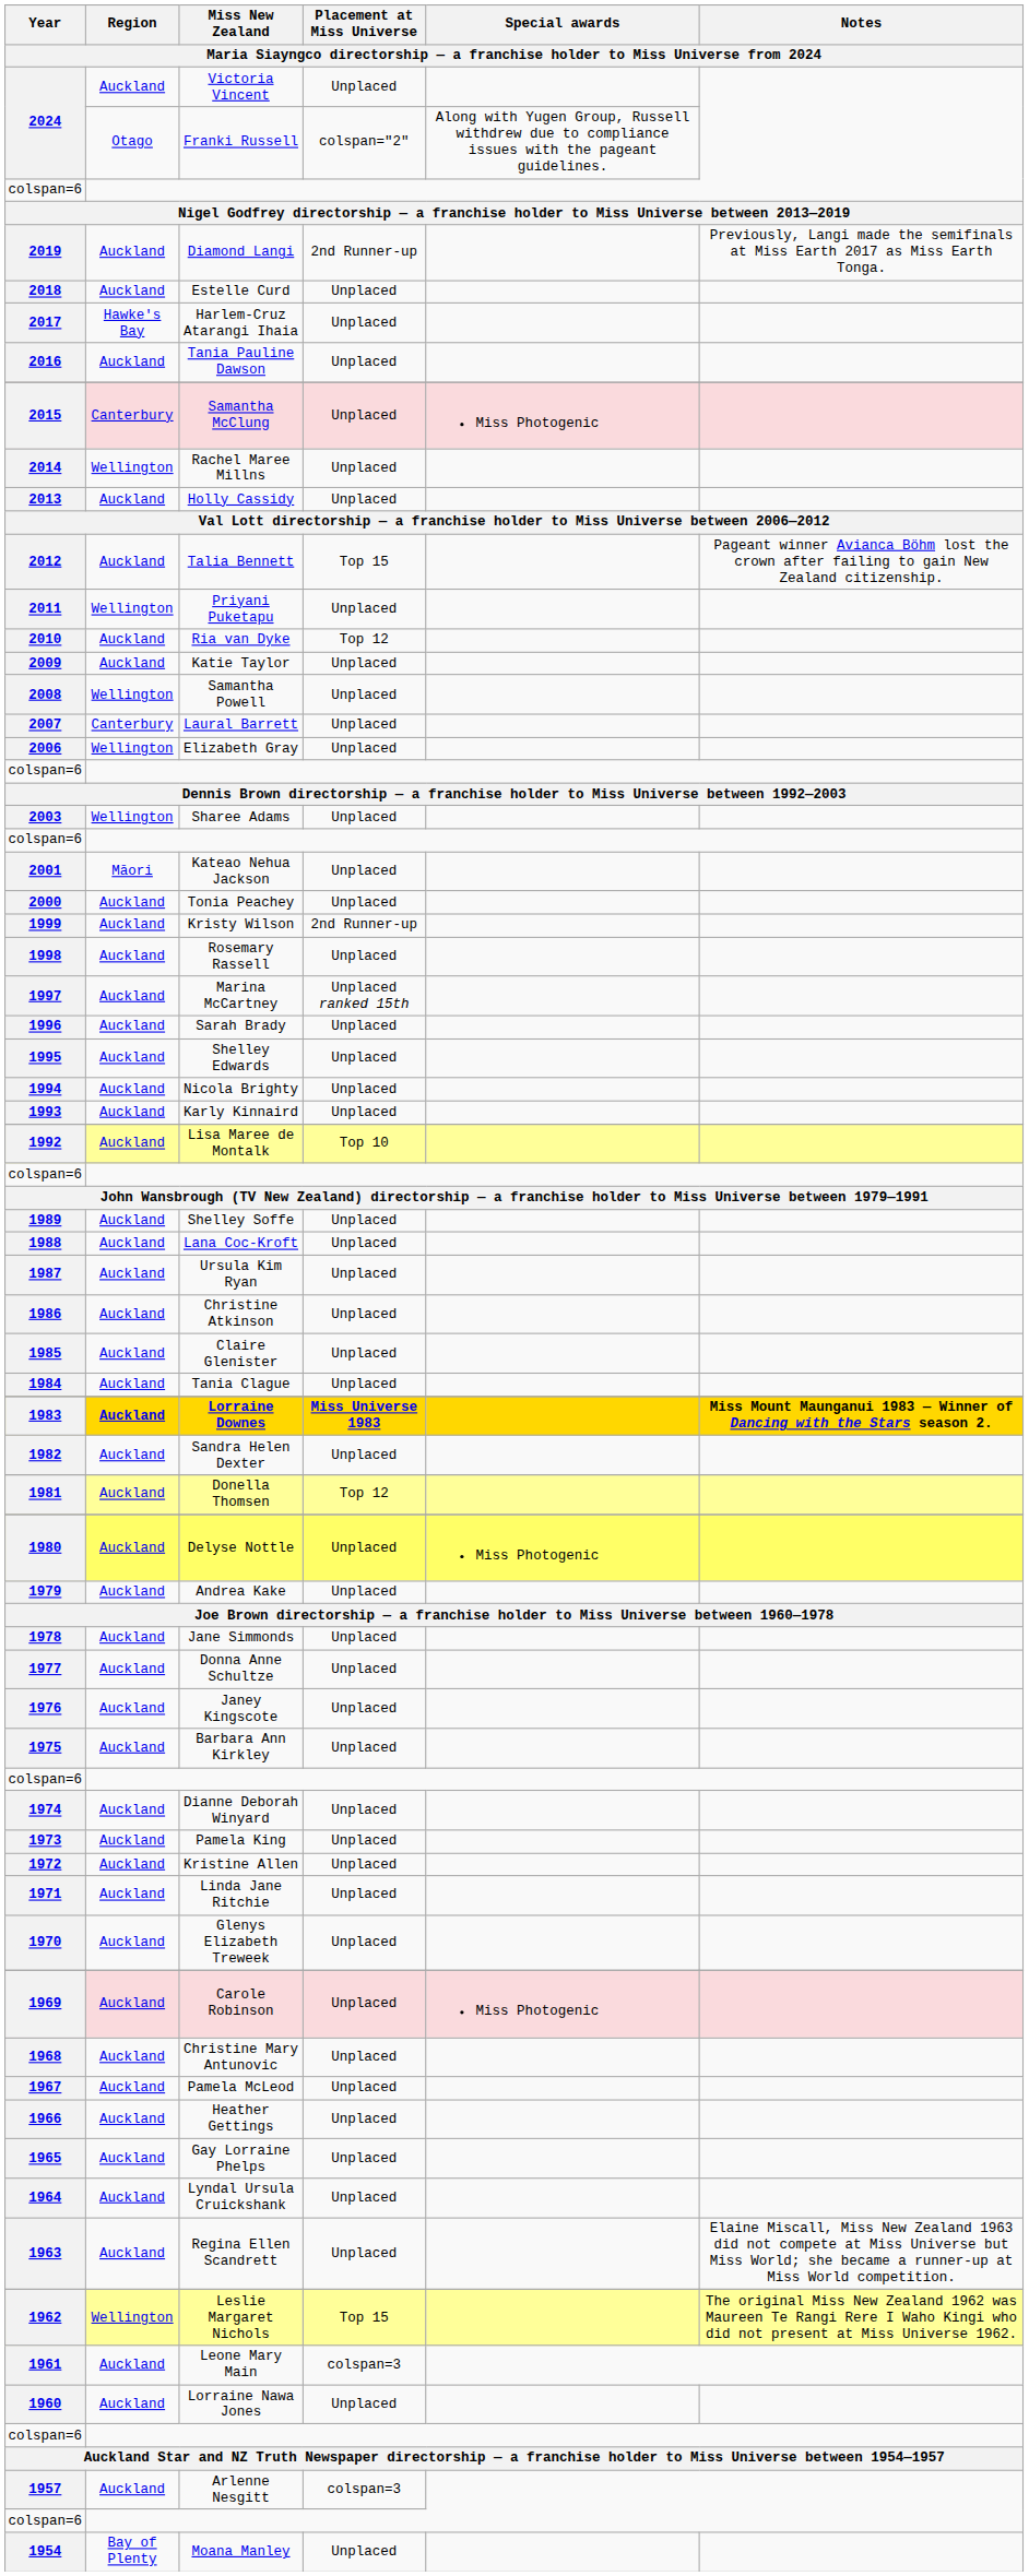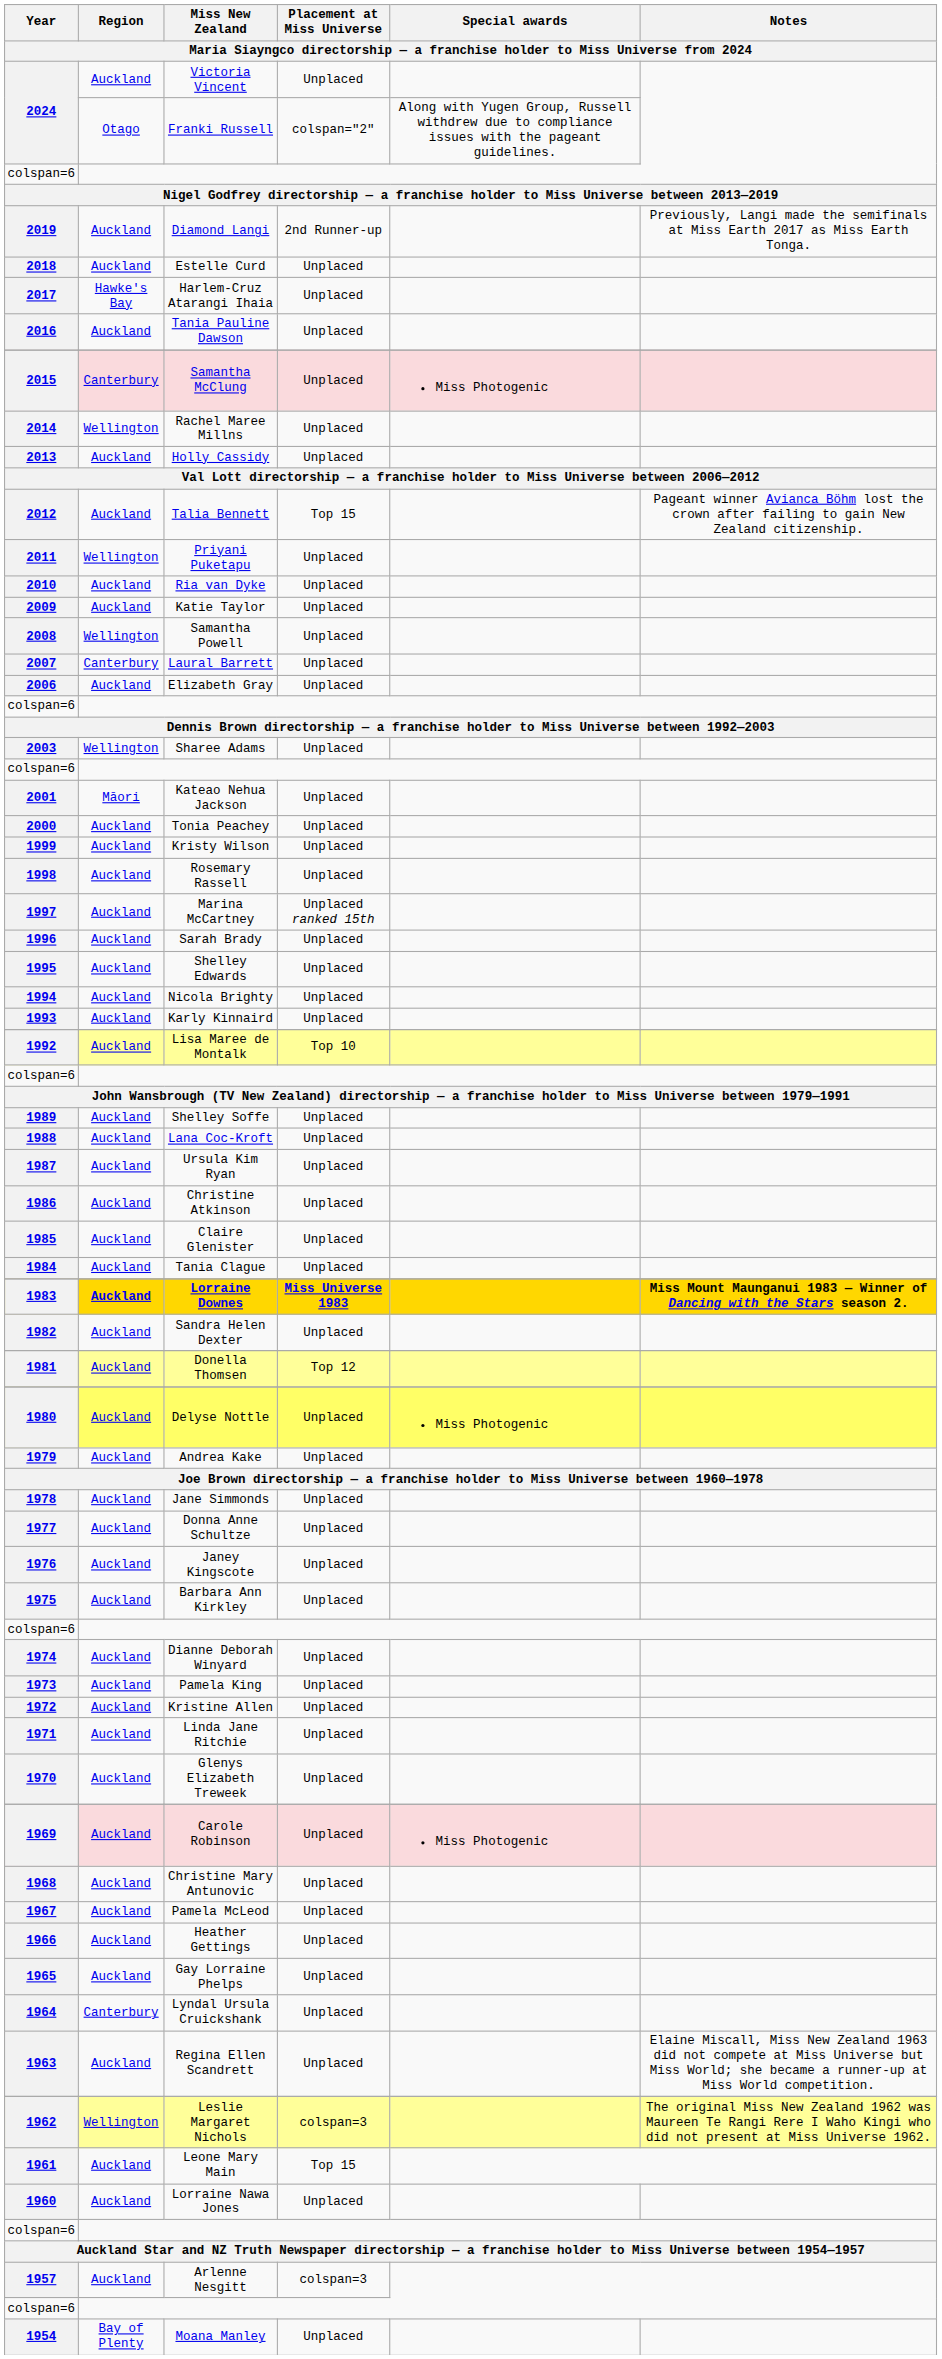 <table class="wikitable " style="font-size: 90%; text-align:center;">
 <tr>
 <th>Year</th>
 <th>Region</th>
 <th>Miss New Zealand</th>
 <th>Placement at Miss Universe</th>
 <th>Special awards</th>
 <th>Notes</th>
 </tr>
 <tr>
 <th colspan="6">Maria Siayngco directorship — a franchise holder to Miss Universe from 2024</th>
 </tr>
 <tr>
 <th rowspan=2><a href='#'>2024</a></th>
 <td><a href='#'>Auckland</a></td>
 <td><a href='#'>Victoria Vincent</a></td>
 <td>Unplaced</td>
 <td></td>
 </tr>
 <tr>
 <td><a href='#'>Otago</a></td>
 <td><a href='#'>Franki Russell</a></td>
 <td>colspan="2" </td>
 <td>Along with Yugen Group, Russell withdrew due to compliance issues with the pageant guidelines.</td>
 </tr>
 <tr>
 <td>colspan=6 </td>
 </tr>
 <tr>
 <th colspan="6">Nigel Godfrey directorship — a franchise holder to Miss Universe between 2013―2019</th>
 </tr>
 <tr>
 <th><a href='#'>2019</a></th>
 <td><a href='#'>Auckland</a></td>
 <td><a href='#'>Diamond Langi</a></td>
 <td>2nd Runner-up</td>
 <td></td>
 <td>Previously, Langi made the semifinals at Miss Earth 2017 as Miss Earth Tonga.</td>
 </tr>
 <tr>
 <th><a href='#'>2018</a></th>
 <td><a href='#'>Auckland</a></td>
 <td>Estelle Curd</td>
 <td>Unplaced</td>
 <td></td>
 <td></td>
 </tr>
 <tr>
 <th><a href='#'>2017</a></th>
 <td><a href='#'>Hawke's Bay</a></td>
 <td>Harlem-Cruz Atarangi Ihaia</td>
 <td>Unplaced</td>
 <td></td>
 <td></td>
 </tr>
 <tr>
 <th><a href='#'>2016</a></th>
 <td><a href='#'>Auckland</a></td>
 <td><a href='#'>Tania Pauline Dawson</a></td>
 <td>Unplaced</td>
 <td></td>
 <td></td>
 </tr>
 <tr>
 </tr>
 <tr style="background-color:#FADADD;">
 <th><a href='#'>2015</a></th>
 <td><a href='#'>Canterbury</a></td>
 <td><a href='#'>Samantha McClung</a></td>
 <td>Unplaced</td>
 <td align="left"><br><ul><li>Miss Photogenic</li></ul></td>
 <td></td>
 </tr>
 <tr>
 <th><a href='#'>2014</a></th>
 <td><a href='#'>Wellington</a></td>
 <td>Rachel Maree Millns</td>
 <td>Unplaced</td>
 <td></td>
 <td></td>
 </tr>
 <tr>
 <th><a href='#'>2013</a></th>
 <td><a href='#'>Auckland</a></td>
 <td><a href='#'>Holly Cassidy</a></td>
 <td>Unplaced</td>
 <td></td>
 <td></td>
 </tr>
 <tr>
 <th colspan="6">Val Lott directorship — a franchise holder to Miss Universe between 2006―2012</th>
 </tr>
 <tr>
 <th><a href='#'>2012</a></th>
 <td><a href='#'>Auckland</a></td>
 <td><a href='#'>Talia Bennett</a></td>
 <td>Top 15</td>
 <td></td>
 <td>Pageant winner <a href='#'>Avianca Böhm</a> lost the crown after failing to gain New Zealand citizenship.</td>
 </tr>
 <tr>
 <th><a href='#'>2011</a></th>
 <td><a href='#'>Wellington</a></td>
 <td><a href='#'>Priyani Puketapu</a></td>
 <td>Unplaced</td>
 <td></td>
 <td></td>
 </tr>
 <tr>
 <th><a href='#'>2010</a></th>
 <td><a href='#'>Auckland</a></td>
 <td><a href='#'>Ria van Dyke</a></td>
-<td>Top 12</td>
+<td>Unplaced</td>
 <td></td>
 <td></td>
 </tr>
 <tr>
 <th><a href='#'>2009</a></th>
 <td><a href='#'>Auckland</a></td>
 <td>Katie Taylor</td>
 <td>Unplaced</td>
 <td></td>
 <td></td>
 </tr>
 <tr>
 <th><a href='#'>2008</a></th>
 <td><a href='#'>Wellington</a></td>
 <td>Samantha Powell</td>
 <td>Unplaced</td>
 <td></td>
 <td></td>
 </tr>
 <tr>
 <th><a href='#'>2007</a></th>
 <td><a href='#'>Canterbury</a></td>
 <td><a href='#'>Laural Barrett</a></td>
 <td>Unplaced</td>
 <td></td>
 <td></td>
 </tr>
 <tr>
 <th><a href='#'>2006</a></th>
-<td><a href='#'>Wellington</a></td>
+<td><a href='#'>Auckland</a></td>
 <td>Elizabeth Gray</td>
 <td>Unplaced</td>
 <td></td>
 <td></td>
 </tr>
 <tr>
 <td>colspan=6 </td>
 </tr>
 <tr>
 <th colspan="6">Dennis Brown directorship — a franchise holder to Miss Universe between 1992―2003</th>
 </tr>
 <tr>
 <th><a href='#'>2003</a></th>
 <td><a href='#'>Wellington</a></td>
 <td>Sharee Adams</td>
 <td>Unplaced</td>
 <td></td>
 <td></td>
 </tr>
 <tr>
 <td>colspan=6 </td>
 </tr>
 <tr>
 <th><a href='#'>2001</a></th>
 <td><a href='#'>Māori</a></td>
 <td>Kateao Nehua Jackson</td>
 <td>Unplaced</td>
 <td></td>
 <td></td>
 </tr>
 <tr>
 <th><a href='#'>2000</a></th>
 <td><a href='#'>Auckland</a></td>
 <td>Tonia Peachey</td>
 <td>Unplaced</td>
 <td></td>
 <td></td>
 </tr>
 <tr>
 <th><a href='#'>1999</a></th>
 <td><a href='#'>Auckland</a></td>
 <td>Kristy Wilson</td>
-<td>2nd Runner-up</td>
+<td>Unplaced</td>
 <td></td>
 <td></td>
 </tr>
 <tr>
 <th><a href='#'>1998</a></th>
 <td><a href='#'>Auckland</a></td>
 <td>Rosemary Rassell</td>
 <td>Unplaced</td>
 <td></td>
 <td></td>
 </tr>
 <tr>
 <th><a href='#'>1997</a></th>
 <td><a href='#'>Auckland</a></td>
 <td>Marina McCartney</td>
 <td>Unplaced <em>ranked 15th</em></td>
 <td></td>
 <td></td>
 </tr>
 <tr>
 <th><a href='#'>1996</a></th>
 <td><a href='#'>Auckland</a></td>
 <td>Sarah Brady</td>
 <td>Unplaced</td>
 <td></td>
 <td></td>
 </tr>
 <tr>
 <th><a href='#'>1995</a></th>
 <td><a href='#'>Auckland</a></td>
 <td>Shelley Edwards</td>
 <td>Unplaced</td>
 <td></td>
 <td></td>
 </tr>
 <tr>
 <th><a href='#'>1994</a></th>
 <td><a href='#'>Auckland</a></td>
 <td>Nicola Brighty</td>
 <td>Unplaced</td>
 <td></td>
 <td></td>
 </tr>
 <tr>
 <th><a href='#'>1993</a></th>
 <td><a href='#'>Auckland</a></td>
 <td>Karly Kinnaird</td>
 <td>Unplaced</td>
 <td></td>
 <td></td>
 </tr>
 <tr>
 </tr>
 <tr style="background-color:#FFFF99;">
 <th><a href='#'>1992</a></th>
 <td><a href='#'>Auckland</a></td>
 <td>Lisa Maree de Montalk</td>
 <td>Top 10</td>
 <td></td>
 <td></td>
 </tr>
 <tr>
 <td>colspan=6 </td>
 </tr>
 <tr>
 <th colspan="6">John Wansbrough (TV New Zealand) directorship — a franchise holder to Miss Universe between 1979―1991</th>
 </tr>
 <tr>
 <th><a href='#'>1989</a></th>
 <td><a href='#'>Auckland</a></td>
 <td>Shelley Soffe</td>
 <td>Unplaced</td>
 <td></td>
 <td></td>
 </tr>
 <tr>
 <th><a href='#'>1988</a></th>
 <td><a href='#'>Auckland</a></td>
 <td><a href='#'>Lana Coc-Kroft</a></td>
 <td>Unplaced</td>
 <td></td>
 <td></td>
 </tr>
 <tr>
 <th><a href='#'>1987</a></th>
 <td><a href='#'>Auckland</a></td>
 <td>Ursula Kim Ryan</td>
 <td>Unplaced</td>
 <td></td>
 <td></td>
 </tr>
 <tr>
 <th><a href='#'>1986</a></th>
 <td><a href='#'>Auckland</a></td>
 <td>Christine Atkinson</td>
 <td>Unplaced</td>
 <td></td>
 <td></td>
 </tr>
 <tr>
 <th><a href='#'>1985</a></th>
 <td><a href='#'>Auckland</a></td>
 <td>Claire Glenister</td>
 <td>Unplaced</td>
 <td></td>
 <td></td>
 </tr>
 <tr>
 <th><a href='#'>1984</a></th>
 <td><a href='#'>Auckland</a></td>
 <td>Tania Clague</td>
 <td>Unplaced</td>
 <td></td>
 <td></td>
 </tr>
 <tr>
 </tr>
 <tr style="background-color:gold; font-weight: bold ">
 <th><a href='#'>1983</a></th>
 <td><a href='#'>Auckland</a></td>
 <td><a href='#'>Lorraine Downes</a></td>
 <td><a href='#'>Miss Universe 1983</a></td>
 <td></td>
 <td>Miss Mount Maunganui 1983 — Winner of <em><a href='#'>Dancing with the Stars</a></em> season 2.</td>
 </tr>
 <tr>
 <th><a href='#'>1982</a></th>
 <td><a href='#'>Auckland</a></td>
 <td>Sandra Helen Dexter</td>
 <td>Unplaced</td>
 <td></td>
 <td></td>
 </tr>
 <tr>
 </tr>
 <tr style="background-color:#FFFF99;">
 <th><a href='#'>1981</a></th>
 <td><a href='#'>Auckland</a></td>
 <td>Donella Thomsen</td>
 <td>Top 12</td>
 <td></td>
 <td></td>
 </tr>
 <tr>
 </tr>
 <tr style="background-color:#FFFF66;">
 <th><a href='#'>1980</a></th>
 <td><a href='#'>Auckland</a></td>
 <td>Delyse Nottle</td>
 <td>Unplaced</td>
 <td align="left"><br><ul><li>Miss Photogenic</li></ul></td>
 <td></td>
 </tr>
 <tr>
 <th><a href='#'>1979</a></th>
 <td><a href='#'>Auckland</a></td>
 <td>Andrea Kake</td>
 <td>Unplaced</td>
 <td></td>
 <td></td>
 </tr>
 <tr>
 <th colspan="6">Joe Brown directorship — a franchise holder to Miss Universe between 1960―1978</th>
 </tr>
 <tr>
 <th><a href='#'>1978</a></th>
 <td><a href='#'>Auckland</a></td>
 <td>Jane Simmonds</td>
 <td>Unplaced</td>
 <td></td>
 <td></td>
 </tr>
 <tr>
 <th><a href='#'>1977</a></th>
 <td><a href='#'>Auckland</a></td>
 <td>Donna Anne Schultze</td>
 <td>Unplaced</td>
 <td></td>
 <td></td>
 </tr>
 <tr>
 <th><a href='#'>1976</a></th>
 <td><a href='#'>Auckland</a></td>
 <td>Janey Kingscote</td>
 <td>Unplaced</td>
 <td></td>
 <td></td>
 </tr>
 <tr>
 <th><a href='#'>1975</a></th>
 <td><a href='#'>Auckland</a></td>
 <td>Barbara Ann Kirkley</td>
 <td>Unplaced</td>
 <td></td>
 <td></td>
 </tr>
 <tr>
 <td>colspan=6 </td>
 </tr>
 <tr>
 <th><a href='#'>1974</a></th>
 <td><a href='#'>Auckland</a></td>
 <td>Dianne Deborah Winyard</td>
 <td>Unplaced</td>
 <td></td>
 <td></td>
 </tr>
 <tr>
 <th><a href='#'>1973</a></th>
 <td><a href='#'>Auckland</a></td>
 <td>Pamela King</td>
 <td>Unplaced</td>
 <td></td>
 <td></td>
 </tr>
 <tr>
 <th><a href='#'>1972</a></th>
 <td><a href='#'>Auckland</a></td>
 <td>Kristine Allen</td>
 <td>Unplaced</td>
 <td></td>
 <td></td>
 </tr>
 <tr>
 <th><a href='#'>1971</a></th>
 <td><a href='#'>Auckland</a></td>
 <td>Linda Jane Ritchie</td>
 <td>Unplaced</td>
 <td></td>
 <td></td>
 </tr>
 <tr>
 <th><a href='#'>1970</a></th>
 <td><a href='#'>Auckland</a></td>
 <td>Glenys Elizabeth Treweek</td>
 <td>Unplaced</td>
 <td></td>
 <td></td>
 </tr>
 <tr>
 </tr>
 <tr style="background-color:#FADADD;">
 <th><a href='#'>1969</a></th>
 <td><a href='#'>Auckland</a></td>
 <td>Carole Robinson</td>
 <td>Unplaced</td>
 <td align="left"><br><ul><li>Miss Photogenic</li></ul></td>
 <td></td>
 </tr>
 <tr>
 <th><a href='#'>1968</a></th>
 <td><a href='#'>Auckland</a></td>
 <td>Christine Mary Antunovic</td>
 <td>Unplaced</td>
 <td></td>
 <td></td>
 </tr>
 <tr>
 <th><a href='#'>1967</a></th>
 <td><a href='#'>Auckland</a></td>
 <td>Pamela McLeod</td>
 <td>Unplaced</td>
 <td></td>
 <td></td>
 </tr>
 <tr>
 <th><a href='#'>1966</a></th>
 <td><a href='#'>Auckland</a></td>
 <td>Heather Gettings</td>
 <td>Unplaced</td>
 <td></td>
 <td></td>
 </tr>
 <tr>
 <th><a href='#'>1965</a></th>
 <td><a href='#'>Auckland</a></td>
 <td>Gay Lorraine Phelps</td>
 <td>Unplaced</td>
 <td></td>
 <td></td>
 </tr>
 <tr>
 <th><a href='#'>1964</a></th>
-<td><a href='#'>Auckland</a></td>
+<td><a href='#'>Canterbury</a></td>
 <td>Lyndal Ursula Cruickshank</td>
 <td>Unplaced</td>
 <td></td>
 <td></td>
 </tr>
 <tr>
 <th><a href='#'>1963</a></th>
 <td><a href='#'>Auckland</a></td>
 <td>Regina Ellen Scandrett</td>
 <td>Unplaced</td>
 <td></td>
 <td>Elaine Miscall, Miss New Zealand 1963 did not compete at Miss Universe but Miss World; she became a runner-up at Miss World competition.</td>
 </tr>
 <tr>
 </tr>
 <tr style="background-color:#FFFF99;">
 <th><a href='#'>1962</a></th>
 <td><a href='#'>Wellington</a></td>
 <td>Leslie Margaret Nichols</td>
-<td>Top 15</td>
+<td>colspan=3 </td>
 <td></td>
 <td>The original Miss New Zealand 1962 was Maureen Te Rangi Rere I Waho Kingi who did not present at Miss Universe 1962.</td>
 </tr>
 <tr>
 <th><a href='#'>1961</a></th>
 <td><a href='#'>Auckland</a></td>
 <td>Leone Mary Main</td>
-<td>colspan=3 </td>
+<td>Top 15</td>
 </tr>
 <tr>
 <th><a href='#'>1960</a></th>
 <td><a href='#'>Auckland</a></td>
 <td>Lorraine Nawa Jones</td>
 <td>Unplaced</td>
 <td></td>
 <td></td>
 </tr>
 <tr>
 <td>colspan=6 </td>
 </tr>
 <tr>
 <th colspan="6">Auckland Star and NZ Truth Newspaper directorship — a franchise holder to Miss Universe between 1954―1957</th>
 </tr>
 <tr>
 <th><a href='#'>1957</a></th>
 <td><a href='#'>Auckland</a></td>
 <td>Arlenne Nesgitt</td>
 <td>colspan=3 </td>
 </tr>
 <tr>
 <td>colspan=6 </td>
 </tr>
 <tr>
 <th><a href='#'>1954</a></th>
 <td><a href='#'>Bay of Plenty</a></td>
 <td><a href='#'>Moana Manley</a></td>
 <td>Unplaced</td>
 <td></td>
 <td></td>
 </tr>
 </table>
